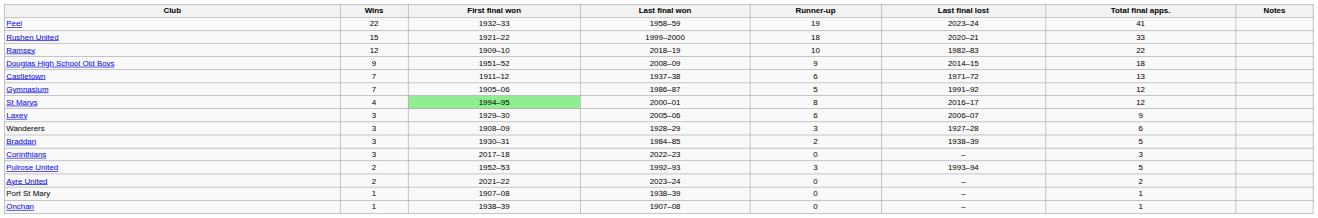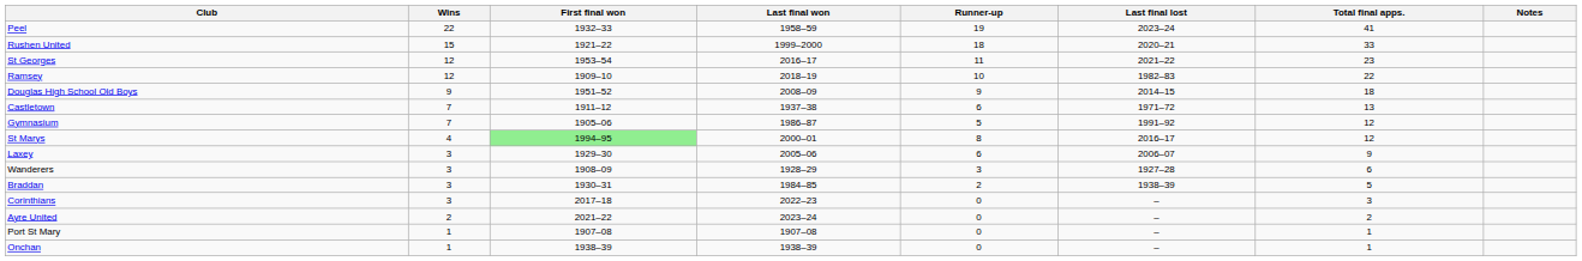 <table class="wikitable sortable" style="text-align: center; width: 100%; font-size: 12px">
 <tr>
 <th>Club</th>
 <th>Wins</th>
 <th>First final won</th>
 <th>Last final won</th>
 <th>Runner-up</th>
 <th>Last final lost</th>
 <th>Total final apps.</th>
 <th>Notes</th>
 </tr>
 <tr>
 <td style="text-align: left"><a href='#'>Peel</a></td>
 <td>22</td>
 <td>1932–33</td>
 <td>1958–59</td>
 <td>19</td>
 <td>2023–24</td>
 <td>41</td>
 <td></td>
 </tr>
 <tr>
 <td style="text-align: left"><a href='#'>Rushen United</a></td>
 <td>15</td>
 <td>1921–22</td>
 <td>1999–2000</td>
 <td>18</td>
 <td>2020–21</td>
 <td>33</td>
+<td></td>
+</tr>
+<tr>
+<td style="text-align: left"><a href='#'>St Georges</a></td>
+<td>12</td>
+<td>1953–54</td>
+<td>2016–17</td>
+<td>11</td>
+<td>2021–22</td>
+<td>23</td>
 <td></td>
 </tr>
 <tr>
 <td style="text-align: left"><a href='#'>Ramsey</a></td>
 <td>12</td>
 <td>1909–10</td>
 <td>2018–19</td>
 <td>10</td>
 <td>1982–83</td>
 <td>22</td>
 <td></td>
 </tr>
 <tr>
 <td style="text-align: left"><a href='#'>Douglas High School Old Boys</a></td>
 <td>9</td>
 <td>1951–52</td>
 <td>2008–09</td>
 <td>9</td>
 <td>2014–15</td>
 <td>18</td>
 <td></td>
 </tr>
 <tr>
 <td style="text-align: left"><a href='#'>Castletown</a></td>
 <td>7</td>
 <td>1911–12</td>
 <td>1937–38</td>
 <td>6</td>
 <td>1971–72</td>
 <td>13</td>
 <td></td>
 </tr>
 <tr>
 <td style="text-align: left"><a href='#'>Gymnasium</a></td>
 <td>7</td>
 <td>1905–06</td>
 <td>1986–87</td>
 <td>5</td>
 <td>1991–92</td>
 <td>12</td>
 <td></td>
 </tr>
 <tr>
 <td style="text-align: left"><a href='#'>St Marys</a></td>
 <td>4</td>
 <td style="background: lightgreen;">1994–95</td>
 <td>2000–01</td>
 <td>8</td>
 <td>2016–17</td>
 <td>12</td>
 <td></td>
 </tr>
 <tr>
 <td style="text-align: left"><a href='#'>Laxey</a></td>
 <td>3</td>
 <td>1929–30</td>
 <td>2005–06</td>
 <td>6</td>
 <td>2006–07</td>
 <td>9</td>
 <td></td>
 </tr>
 <tr>
 <td style="text-align: left">Wanderers</td>
 <td>3</td>
 <td>1908–09</td>
 <td>1928–29</td>
 <td>3</td>
 <td>1927–28</td>
 <td>6</td>
 <td></td>
 </tr>
 <tr>
 <td style="text-align: left"><a href='#'>Braddan</a></td>
 <td>3</td>
 <td>1930–31</td>
 <td>1984–85</td>
 <td>2</td>
 <td>1938–39</td>
 <td>5</td>
 <td></td>
 </tr>
 <tr>
 <td style="text-align: left"><a href='#'>Corinthians</a></td>
 <td>3</td>
 <td>2017–18</td>
 <td>2022–23</td>
 <td>0</td>
 <td>–</td>
 <td>3</td>
 <td></td>
 </tr>
 <tr>
-<td style="text-align: left"><a href='#'>Pulrose United</a></td>
-<td>2</td>
-<td>1952–53</td>
-<td>1992–93</td>
-<td>3</td>
-<td>1993–94</td>
-<td>5</td>
-<td></td>
-</tr>
-<tr>
 <td style="text-align: left"><a href='#'>Ayre United</a></td>
 <td>2</td>
 <td>2021–22</td>
 <td>2023–24</td>
 <td>0</td>
 <td>–</td>
 <td>2</td>
 <td></td>
 </tr>
 <tr>
 <td style="text-align: left">Port St Mary</td>
 <td>1</td>
 <td>1907–08</td>
-<td>1938–39</td>
+<td>1907–08</td>
 <td>0</td>
 <td>–</td>
 <td>1</td>
 <td></td>
 </tr>
 <tr>
 <td style="text-align: left"><a href='#'>Onchan</a></td>
 <td>1</td>
 <td>1938–39</td>
-<td>1907–08</td>
+<td>1938–39</td>
 <td>0</td>
 <td>–</td>
 <td>1</td>
 <td></td>
 </tr>
 </table>
